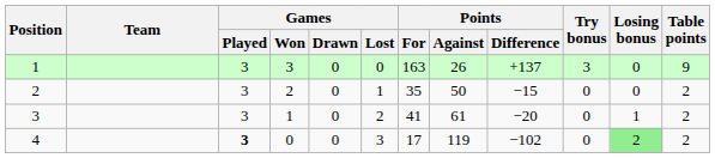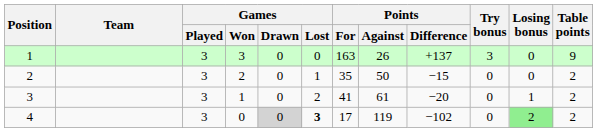 <table class="wikitable" style="text-align: center;">
 <tr>
 <th rowspan="2" width="20">Position</th>
 <th rowspan="2" width="150">Team</th>
 <th colspan="4">Games</th>
 <th colspan="3">Points</th>
 <th rowspan="2" width="20">Try bonus</th>
 <th rowspan="2" width="20">Losing bonus</th>
 <th rowspan="2" width="20">Table points</th>
 </tr>
 <tr>
 <th width="20">Played</th>
 <th width="20">Won</th>
 <th width="20">Drawn</th>
 <th width="20">Lost</th>
 <th width="20">For</th>
 <th width="20">Against</th>
 <th width="20">Difference</th>
 </tr>
 <tr bgcolor="#ccffcc">
 <td>1</td>
 <td></td>
 <td>3</td>
 <td>3</td>
 <td>0</td>
 <td>0</td>
 <td>163</td>
 <td>26</td>
 <td>+137</td>
 <td>3</td>
 <td>0</td>
 <td>9</td>
 </tr>
 <tr>
 <td>2</td>
 <td></td>
 <td>3</td>
 <td>2</td>
 <td>0</td>
 <td>1</td>
 <td>35</td>
 <td>50</td>
 <td>−15</td>
 <td>0</td>
 <td>0</td>
 <td>2</td>
 </tr>
 <tr>
 <td>3</td>
 <td></td>
 <td>3</td>
 <td>1</td>
 <td>0</td>
 <td>2</td>
 <td>41</td>
 <td>61</td>
 <td>−20</td>
 <td>0</td>
 <td>1</td>
 <td>2</td>
 </tr>
 <tr>
 <td>4</td>
 <td></td>
+<td>3</td>
+<td>0</td>
+<td style="background: lightgrey;">0</td>
 <td><strong>3</strong></td>
-<td>0</td>
-<td>0</td>
-<td>3</td>
 <td>17</td>
 <td>119</td>
 <td>−102</td>
 <td>0</td>
 <td style="background: lightgreen;">2</td>
 <td>2</td>
 </tr>
 </table>
